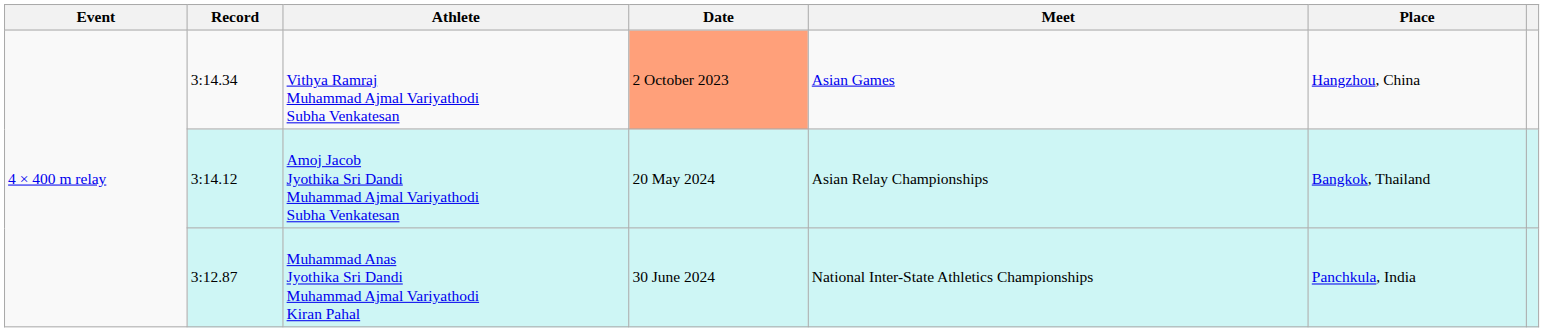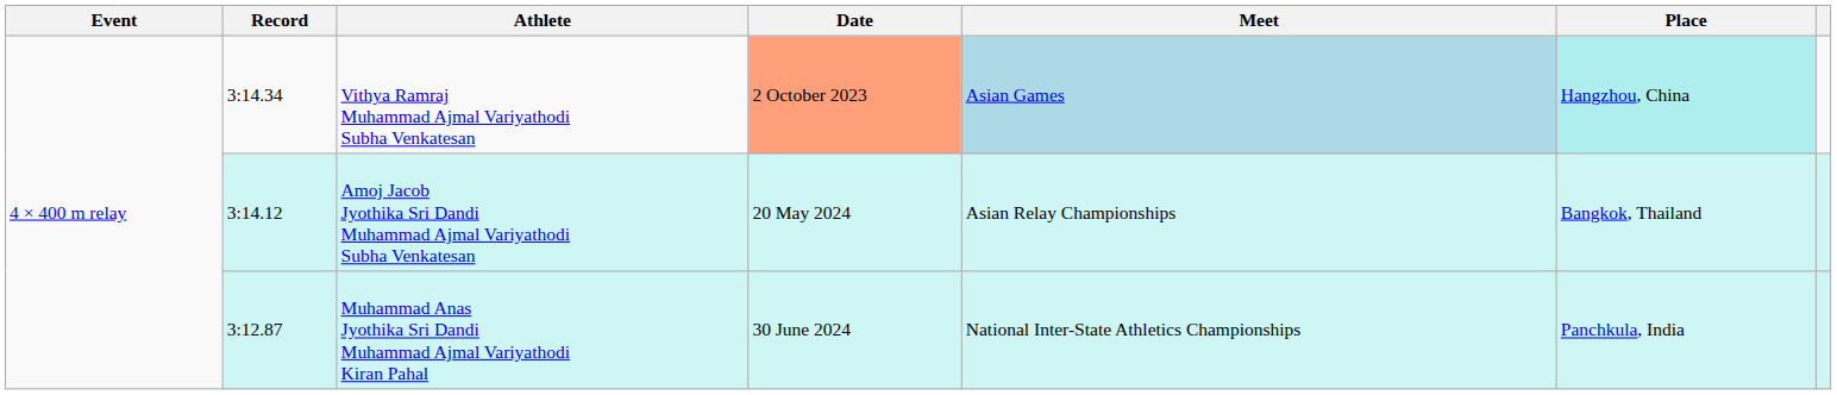 <table class="wikitable" style="font-size:95%; width: 95%;">
 <tr>
 <th>Event</th>
 <th>Record</th>
 <th>Athlete</th>
 <th>Date</th>
 <th>Meet</th>
 <th>Place</th>
 <th></th>
 </tr>
 <tr>
 <td rowspan=3><a href='#'>4 × 400 m relay</a></td>
 <td>3:14.34</td>
 <td><br><br><a href='#'>Vithya Ramraj</a><br><a href='#'>Muhammad Ajmal Variyathodi</a><br><a href='#'>Subha Venkatesan</a></td>
 <td style="background: lightsalmon;">2 October 2023</td>
-<td><a href='#'>Asian Games</a></td>
-<td><a href='#'>Hangzhou</a>, China</td>
+<td style="background: lightblue;"><a href='#'>Asian Games</a></td>
+<td style="background: paleturquoise;"><a href='#'>Hangzhou</a>, China</td>
 <td></td>
 </tr>
 <tr bgcolor=#CEF6F5>
 <td>3:14.12</td>
 <td><br><a href='#'>Amoj Jacob</a><br><a href='#'>Jyothika Sri Dandi</a><br><a href='#'>Muhammad Ajmal Variyathodi</a><br><a href='#'>Subha Venkatesan</a></td>
 <td>20 May 2024</td>
 <td>Asian Relay Championships</td>
 <td><a href='#'>Bangkok</a>, Thailand</td>
 <td></td>
 </tr>
 <tr bgcolor="#CEF6F5">
 <td>3:12.87</td>
 <td><br><a href='#'>Muhammad Anas</a><br><a href='#'>Jyothika Sri Dandi</a><br><a href='#'>Muhammad Ajmal Variyathodi</a><br><a href='#'>Kiran Pahal</a></td>
 <td>30 June 2024</td>
 <td>National Inter-State Athletics Championships</td>
 <td><a href='#'>Panchkula</a>, India</td>
 <td></td>
 </tr>
 </table>
